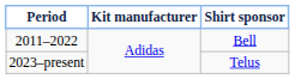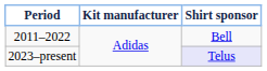 <table class="wikitable" style="text-align:center;">
 <tr>
 <th style="background:#FFFFFF; color:#15284B; border:2px solid #8DB8E9;" scope="col">Period</th>
 <th style="background:#FFFFFF; color:#15284B; border:2px solid #8DB8E9;" scope="col">Kit manufacturer</th>
 <th style="background:#FFFFFF; color:#15284B; border:2px solid #8DB8E9;" scope="col">Shirt sponsor</th>
 </tr>
 <tr>
 <td>2011–2022</td>
 <td rowspan="2"><a href='#'>Adidas</a></td>
 <td><a href='#'>Bell</a></td>
 </tr>
 <tr>
 <td>2023–present</td>
-<td><a href='#'>Telus</a></td>
+<td style="background: lavender;"><a href='#'>Telus</a></td>
 </tr>
 </table>
